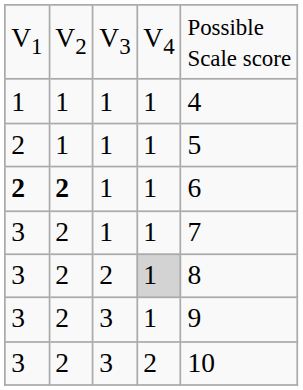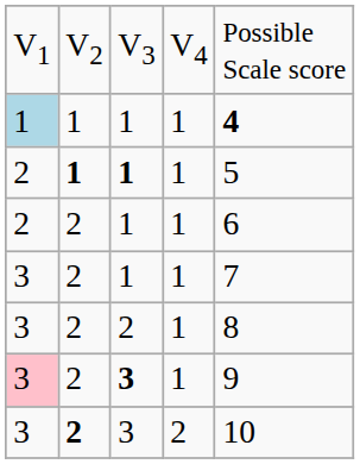 <table class="wikitable">
 <tr>
 <td>V<sub>1</sub></td>
 <td>V<sub>2</sub></td>
 <td>V<sub>3</sub></td>
 <td>V<sub>4</sub></td>
 <td><small>Possible</small><br><small>Scale score</small></td>
 </tr>
 <tr>
+<td style="background: lightblue;">1</td>
 <td>1</td>
 <td>1</td>
 <td>1</td>
-<td>1</td>
-<td>4</td>
+<td><strong>4</strong></td>
 </tr>
 <tr>
 <td>2</td>
-<td>1</td>
-<td>1</td>
+<td><strong>1</strong></td>
+<td><strong>1</strong></td>
 <td>1</td>
 <td>5</td>
 </tr>
 <tr>
-<td><strong>2</strong></td>
-<td><strong>2</strong></td>
+<td>2</td>
+<td>2</td>
 <td>1</td>
 <td>1</td>
 <td>6</td>
 </tr>
 <tr>
 <td>3</td>
 <td>2</td>
 <td>1</td>
 <td>1</td>
 <td>7</td>
 </tr>
 <tr>
 <td>3</td>
 <td>2</td>
 <td>2</td>
-<td style="background: lightgrey;">1</td>
+<td>1</td>
 <td>8</td>
 </tr>
 <tr>
-<td>3</td>
+<td style="background: pink;">3</td>
 <td>2</td>
-<td>3</td>
+<td><strong>3</strong></td>
 <td>1</td>
 <td>9</td>
 </tr>
 <tr>
 <td>3</td>
-<td>2</td>
+<td><strong>2</strong></td>
 <td>3</td>
 <td>2</td>
 <td>10</td>
 </tr>
 </table>
